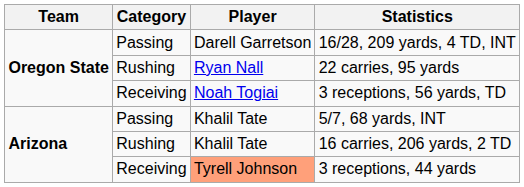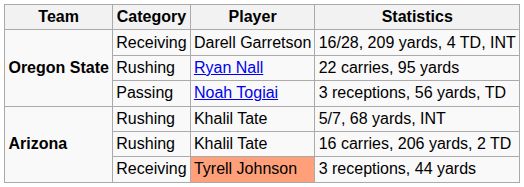 <table class="wikitable" style="float: right;">
 <tr>
 <th>Team</th>
 <th>Category</th>
 <th>Player</th>
 <th>Statistics</th>
 </tr>
 <tr>
 <td rowspan=3><strong>Oregon State</strong></td>
-<td>Passing</td>
+<td>Receiving</td>
 <td>Darell Garretson</td>
 <td>16/28, 209 yards, 4 TD, INT</td>
 </tr>
 <tr>
 <td>Rushing</td>
 <td><a href='#'>Ryan Nall</a></td>
 <td>22 carries, 95 yards</td>
 </tr>
 <tr>
-<td>Receiving</td>
+<td>Passing</td>
 <td><a href='#'>Noah Togiai</a></td>
 <td>3 receptions, 56 yards, TD</td>
 </tr>
 <tr>
 <td rowspan=3><strong>Arizona</strong></td>
-<td>Passing</td>
+<td>Rushing</td>
 <td>Khalil Tate</td>
 <td>5/7, 68 yards, INT</td>
 </tr>
 <tr>
 <td>Rushing</td>
 <td>Khalil Tate</td>
 <td>16 carries, 206 yards, 2 TD</td>
 </tr>
 <tr>
 <td>Receiving</td>
 <td style="background: lightsalmon;">Tyrell Johnson</td>
 <td>3 receptions, 44 yards</td>
 </tr>
 </table>
